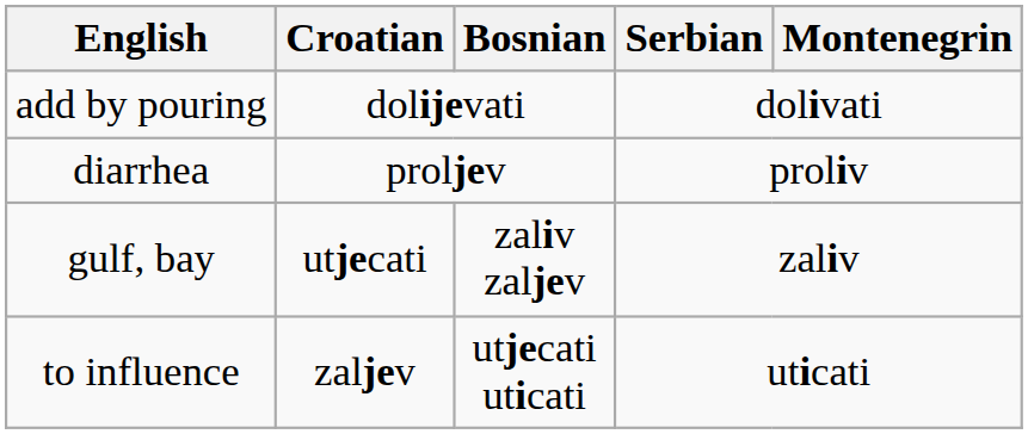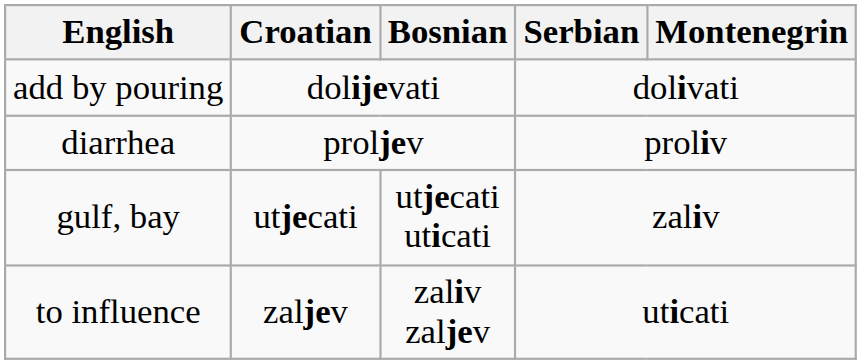 <table class="wikitable" style="text-align: center;">
 <tr>
 <th>English</th>
 <th>Croatian</th>
 <th>Bosnian</th>
 <th>Serbian</th>
 <th>Montenegrin</th>
 </tr>
 <tr>
 <td>add by pouring</td>
 <td colspan="2">dol<strong>ije</strong>vati</td>
 <td colspan="2">dol<strong>i</strong>vati</td>
 </tr>
 <tr>
 <td>diarrhea</td>
 <td colspan="2">prol<strong>je</strong>v</td>
 <td colspan="2">prol<strong>i</strong>v</td>
 </tr>
 <tr>
 <td>gulf, bay</td>
 <td>ut<strong>je</strong>cati</td>
-<td>zal<strong>i</strong>v<br>zal<strong>je</strong>v</td>
+<td>ut<strong>je</strong>cati<br>ut<strong>i</strong>cati</td>
 <td colspan="2">zal<strong>i</strong>v</td>
 </tr>
 <tr>
 <td>to influence</td>
 <td>zal<strong>je</strong>v</td>
-<td>ut<strong>je</strong>cati<br>ut<strong>i</strong>cati</td>
+<td>zal<strong>i</strong>v<br>zal<strong>je</strong>v</td>
 <td colspan="2">ut<strong>i</strong>cati</td>
 </tr>
 </table>
